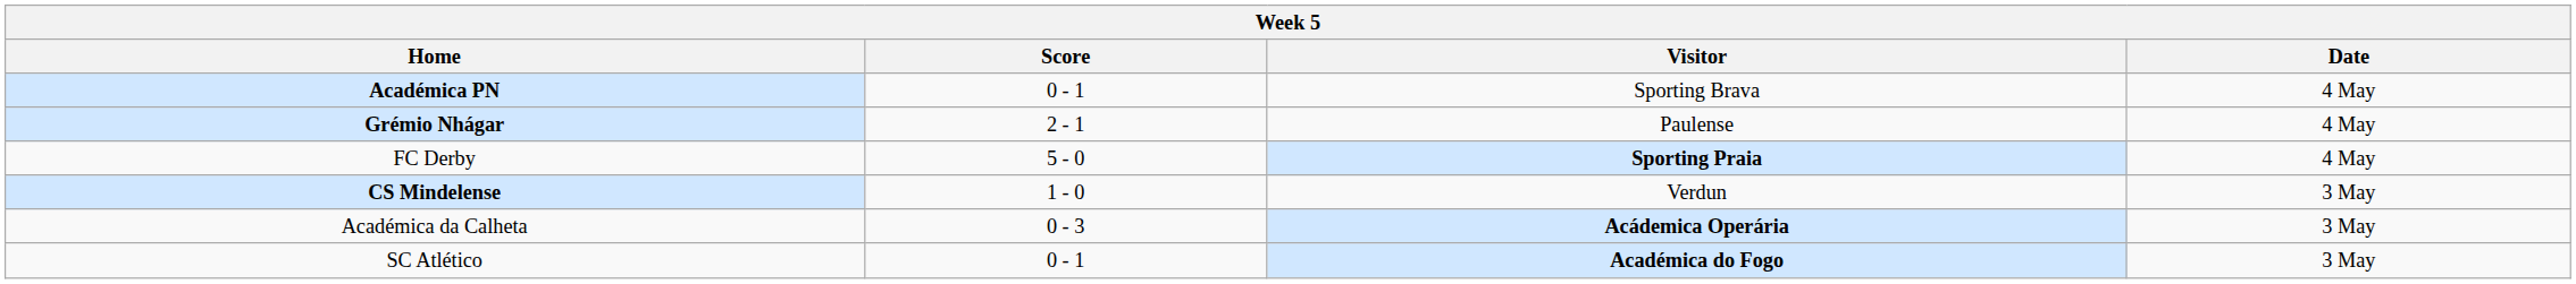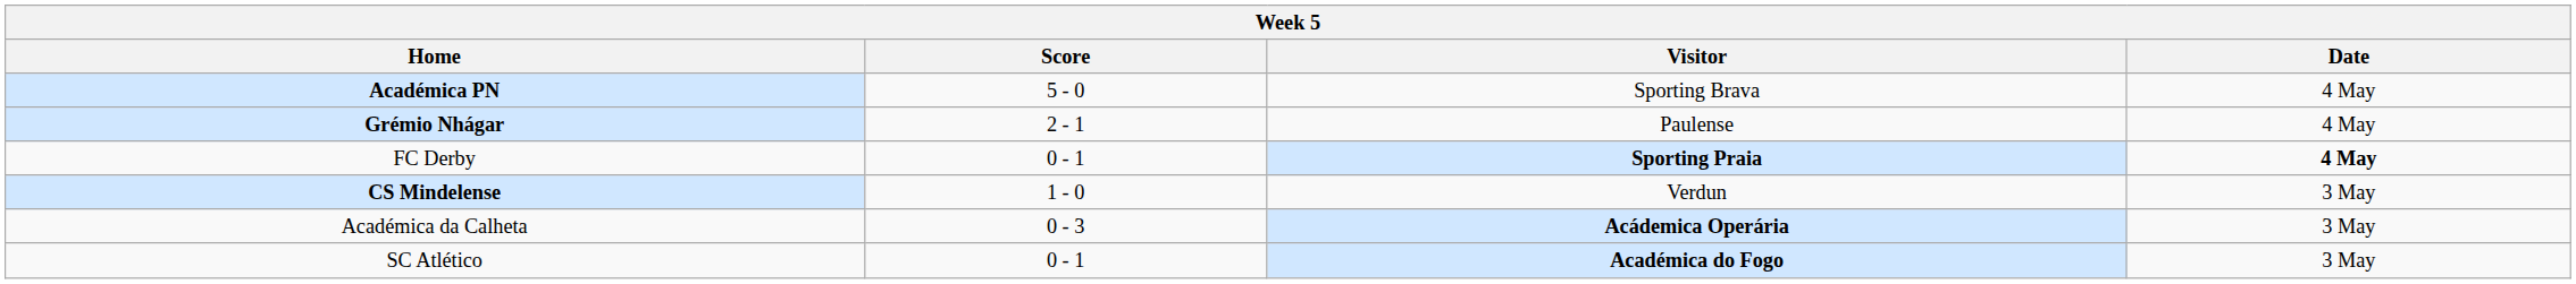 <table class="wikitable" style="margin:1em auto; font-size:95%; text-align: center; width: 95%;">
 <tr>
 <th colspan="12" style="with: 100%;">Week 5</th>
 </tr>
 <tr>
 <th width="200">Home</th>
 <th width="90">Score</th>
 <th width="200">Visitor</th>
 <th width="100">Date</th>
 </tr>
 <tr>
 <td bgcolor=#D0E7FF><strong>Académica PN</strong></td>
-<td>0 - 1</td>
+<td>5 - 0</td>
 <td>Sporting Brava</td>
 <td>4 May</td>
 </tr>
 <tr>
 <td bgcolor=#D0E7FF><strong>Grémio Nhágar</strong></td>
 <td>2 - 1</td>
 <td>Paulense</td>
 <td>4 May</td>
 </tr>
 <tr>
 <td>FC Derby</td>
-<td>5 - 0</td>
+<td>0 - 1</td>
 <td bgcolor=#D0E7FF><strong>Sporting Praia</strong></td>
-<td>4 May</td>
+<td><strong>4 May</strong></td>
 </tr>
 <tr>
 <td bgcolor=#D0E7FF><strong>CS Mindelense</strong></td>
 <td>1 - 0</td>
 <td>Verdun</td>
 <td>3 May</td>
 </tr>
 <tr>
 <td>Académica da Calheta</td>
 <td>0 - 3</td>
 <td bgcolor=#D0E7FF><strong>Acádemica Operária</strong></td>
 <td>3 May</td>
 </tr>
 <tr>
 <td>SC Atlético</td>
 <td>0 - 1</td>
 <td bgcolor=#D0E7FF><strong>Académica do Fogo</strong></td>
 <td>3 May</td>
 </tr>
 </table>
